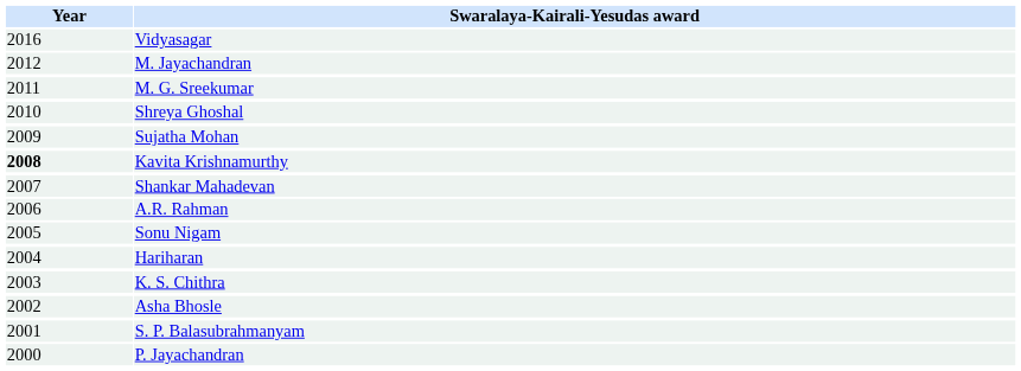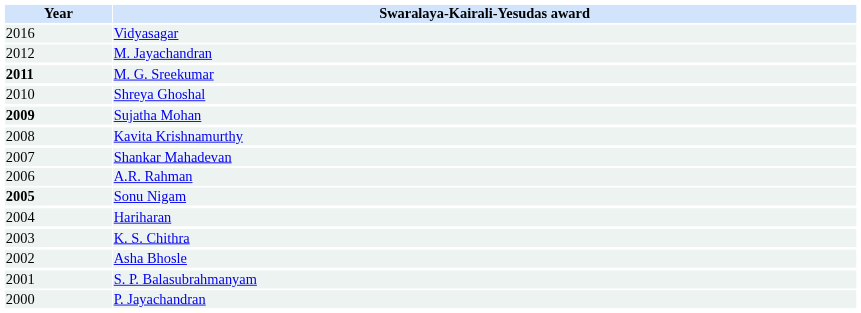 <table cellspacing="1" cellpadding="1" border="0" width="75%">
 <tr bgcolor="#d1e4fc">
 <th>Year</th>
 <th>Swaralaya-Kairali-Yesudas award</th>
 </tr>
 <tr>
 </tr>
 <tr bgcolor=#edf3fk>
 <td>2016</td>
 <td><a href='#'>Vidyasagar</a></td>
 </tr>
 <tr>
 </tr>
 <tr bgcolor=#edf3fk>
 <td>2012</td>
 <td><a href='#'>M. Jayachandran</a></td>
 </tr>
 <tr>
 </tr>
 <tr>
 </tr>
 <tr bgcolor=#edf3fk>
-<td>2011</td>
+<td><strong>2011</strong></td>
 <td><a href='#'>M. G. Sreekumar</a></td>
 </tr>
 <tr>
 </tr>
 <tr>
 </tr>
 <tr bgcolor=#edf3fk>
 <td>2010</td>
 <td><a href='#'>Shreya Ghoshal</a></td>
 </tr>
 <tr>
 </tr>
 <tr>
 </tr>
 <tr bgcolor=#edf3fk>
-<td>2009</td>
+<td><strong>2009</strong></td>
 <td><a href='#'>Sujatha Mohan</a></td>
 </tr>
 <tr>
 </tr>
 <tr>
 </tr>
 <tr bgcolor=#edf3fk>
-<td><strong>2008</strong></td>
+<td>2008</td>
 <td><a href='#'>Kavita Krishnamurthy</a></td>
 </tr>
 <tr>
 </tr>
 <tr>
 </tr>
 <tr bgcolor=#edf3fk>
 <td>2007</td>
 <td><a href='#'>Shankar Mahadevan</a></td>
 </tr>
 <tr>
 </tr>
 <tr bgcolor=#edf3fk>
 <td>2006</td>
 <td><a href='#'>A.R. Rahman</a></td>
 </tr>
 <tr>
 </tr>
 <tr bgcolor=#edf3fk>
-<td>2005</td>
+<td><strong>2005</strong></td>
 <td><a href='#'>Sonu Nigam</a></td>
 </tr>
 <tr>
 </tr>
 <tr>
 </tr>
 <tr bgcolor=#edf3fk>
 <td>2004</td>
 <td><a href='#'>Hariharan</a></td>
 </tr>
 <tr>
 </tr>
 <tr>
 </tr>
 <tr bgcolor=#edf3fk>
 <td>2003</td>
 <td><a href='#'>K. S. Chithra</a></td>
 </tr>
 <tr>
 </tr>
 <tr>
 </tr>
 <tr bgcolor=#edf3fk>
 <td>2002</td>
 <td><a href='#'>Asha Bhosle</a></td>
 </tr>
 <tr>
 </tr>
 <tr>
 </tr>
 <tr bgcolor=#edf3fk>
 <td>2001</td>
 <td><a href='#'>S. P. Balasubrahmanyam</a></td>
 </tr>
 <tr>
 </tr>
 <tr bgcolor=#edf3fk>
 <td>2000</td>
 <td><a href='#'>P. Jayachandran</a></td>
 </tr>
 </table>
